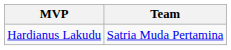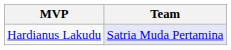 <table class="wikitable">
 <tr>
 <th>MVP</th>
 <th>Team</th>
 </tr>
 <tr>
 <td><a href='#'>Hardianus Lakudu</a></td>
-<td><a href='#'>Satria Muda Pertamina</a></td>
+<td style="background: lavender;"><a href='#'>Satria Muda Pertamina</a></td>
 </tr>
 </table>
